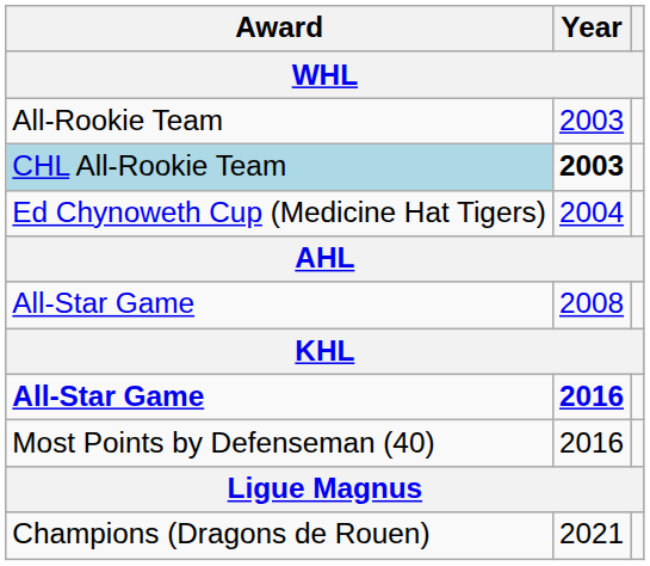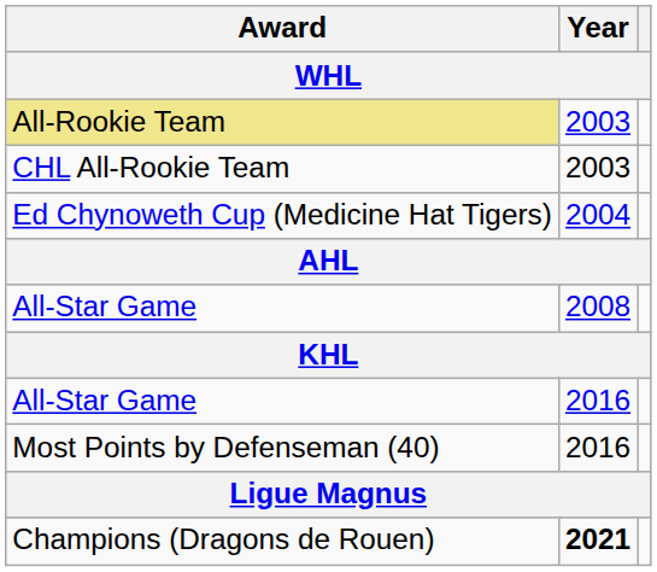 <table class="wikitable">
 <tr>
 <th>Award</th>
 <th>Year</th>
 <th></th>
 </tr>
 <tr ALIGN="center" bgcolor="#e0e0e0">
 <th colspan="3"><a href='#'>WHL</a></th>
 </tr>
 <tr>
-<td>All-Rookie Team</td>
+<td style="background: khaki;">All-Rookie Team</td>
 <td><a href='#'>2003</a></td>
 <td></td>
 </tr>
 <tr>
-<td style="background: lightblue;"><a href='#'>CHL</a> All-Rookie Team</td>
-<td><strong>2003</strong></td>
+<td><a href='#'>CHL</a> All-Rookie Team</td>
+<td>2003</td>
 <td></td>
 </tr>
 <tr>
 <td><a href='#'>Ed Chynoweth Cup</a> (Medicine Hat Tigers)</td>
 <td><a href='#'>2004</a></td>
 <td></td>
 </tr>
 <tr ALIGN="center" bgcolor="#e0e0e0">
 <th colspan="3"><a href='#'>AHL</a></th>
 </tr>
 <tr>
 <td><a href='#'>All-Star Game</a></td>
 <td><a href='#'>2008</a></td>
 <td></td>
 </tr>
 <tr ALIGN="center" bgcolor="#e0e0e0">
 <th colspan="3"><a href='#'>KHL</a></th>
 </tr>
 <tr>
-<td><strong><a href='#'>All-Star Game</a></strong></td>
-<td><strong><a href='#'>2016</a></strong></td>
+<td><a href='#'>All-Star Game</a></td>
+<td><a href='#'>2016</a></td>
 <td></td>
 </tr>
 <tr>
 <td>Most Points by Defenseman (40)</td>
 <td>2016</td>
 <td></td>
 </tr>
 <tr ALIGN="center" bgcolor="#e0e0e0">
 <th colspan="3"><a href='#'>Ligue Magnus</a></th>
 </tr>
 <tr>
 <td>Champions (Dragons de Rouen)</td>
-<td>2021</td>
+<td><strong>2021</strong></td>
 <td></td>
 </tr>
 </table>
